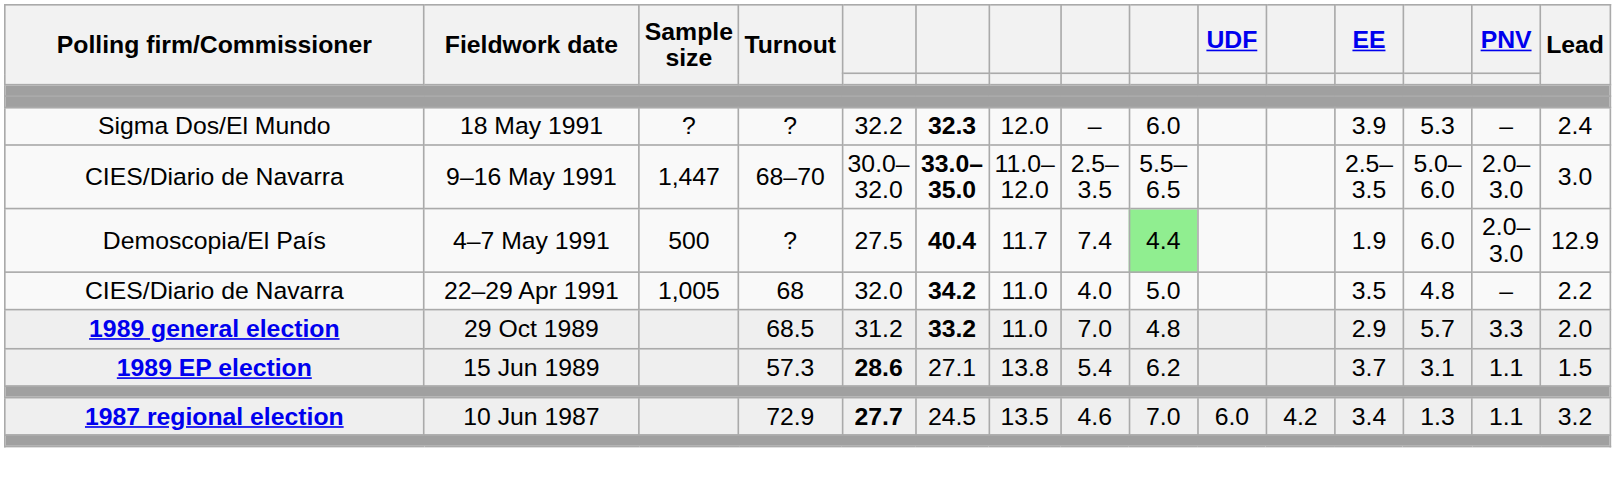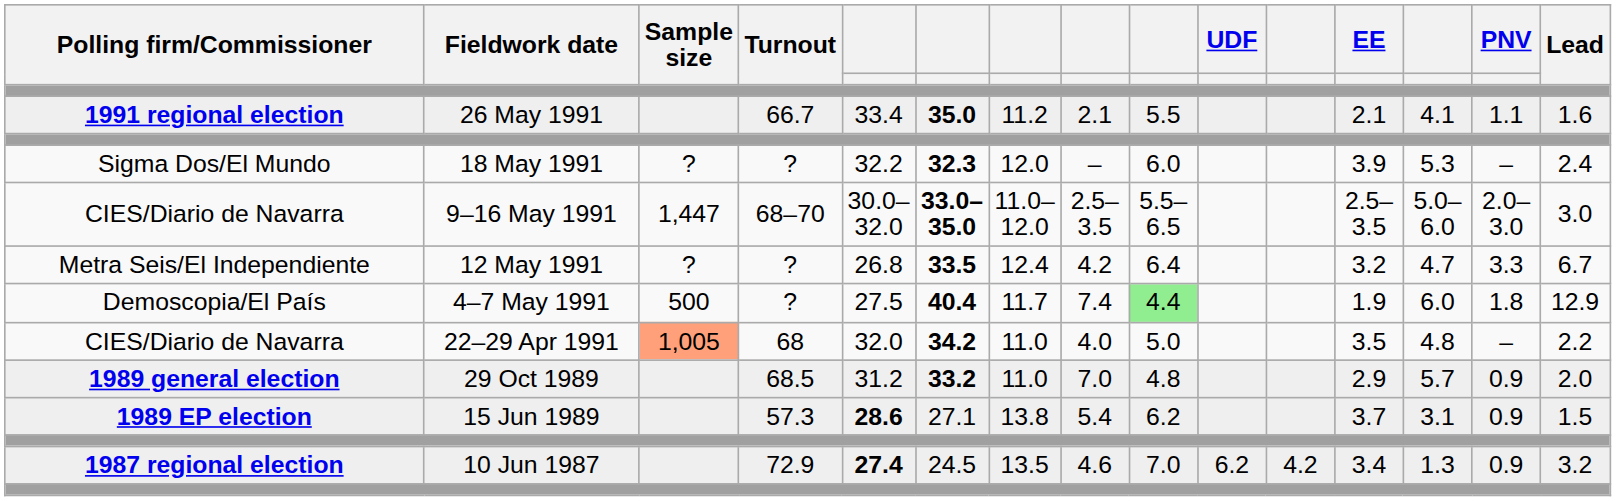 <table class="wikitable collapsible collapsed" style="text-align:center; font-size:95%; line-height:16px;">
 <tr style="height:42px;">
 <th style="width:250px;" rowspan="2">Polling firm/Commissioner</th>
 <th style="width:125px;" rowspan="2">Fieldwork date</th>
 <th style="width:50px;" rowspan="2">Sample size</th>
 <th style="width:45px;" rowspan="2">Turnout</th>
 <th style="width:35px;"></th>
 <th style="width:35px;"></th>
 <th style="width:35px;"></th>
 <th style="width:35px;"></th>
 <th style="width:35px;"></th>
 <th style="width:35px;"><a href='#'>UDF</a></th>
 <th style="width:35px;"></th>
 <th style="width:35px;"><a href='#'>EE</a></th>
 <th style="width:35px;"></th>
 <th style="width:35px;"><a href='#'>PNV</a></th>
 <th style="width:30px;" rowspan="2">Lead</th>
 </tr>
 <tr>
 <th style="color:inherit;background:"></th>
 <th style="color:inherit;background:"></th>
 <th style="color:inherit;background:"></th>
 <th style="color:inherit;background:"></th>
 <th style="color:inherit;background:"></th>
 <th style="color:inherit;background:"></th>
 <th style="color:inherit;background:"></th>
 <th style="color:inherit;background:"></th>
 <th style="color:inherit;background:"></th>
 <th style="color:inherit;background:"></th>
 </tr>
 <tr>
 <td colspan="15" style="background:#A0A0A0"></td>
+</tr>
+<tr style="background:#EFEFEF;">
+<td><strong><a href='#'>1991 regional election</a></strong></td>
+<td>26 May 1991</td>
+<td></td>
+<td>66.7</td>
+<td>33.4<br></td>
+<td><strong>35.0</strong><br></td>
+<td>11.2<br></td>
+<td>2.1<br></td>
+<td>5.5<br></td>
+<td></td>
+<td></td>
+<td>2.1<br></td>
+<td>4.1<br></td>
+<td>1.1<br></td>
+<td style="background:">1.6</td>
 </tr>
 <tr>
 <td colspan="15" style="background:#A0A0A0"></td>
 </tr>
 <tr>
 <td>Sigma Dos/El Mundo</td>
 <td>18 May 1991</td>
 <td>?</td>
 <td>?</td>
 <td>32.2<br></td>
 <td><strong>32.3</strong><br></td>
 <td>12.0<br></td>
 <td>–</td>
 <td>6.0<br></td>
 <td></td>
 <td></td>
 <td>3.9<br></td>
 <td>5.3<br></td>
 <td>–</td>
 <td style="background:">2.4</td>
 </tr>
 <tr>
 <td>CIES/Diario de Navarra</td>
 <td>9–16 May 1991</td>
 <td>1,447</td>
 <td>68–70</td>
 <td>30.0–<br>32.0<br></td>
 <td><strong>33.0–<br>35.0</strong><br></td>
 <td>11.0–<br>12.0<br></td>
 <td>2.5–<br>3.5<br></td>
 <td>5.5–<br>6.5<br></td>
 <td></td>
 <td></td>
 <td>2.5–<br>3.5<br></td>
 <td>5.0–<br>6.0<br></td>
 <td>2.0–<br>3.0<br></td>
 <td style="background:">3.0</td>
 </tr>
 <tr>
+<td>Metra Seis/El Independiente</td>
+<td>12 May 1991</td>
+<td>?</td>
+<td>?</td>
+<td>26.8<br></td>
+<td><strong>33.5</strong><br></td>
+<td>12.4<br></td>
+<td>4.2<br></td>
+<td>6.4<br></td>
+<td></td>
+<td></td>
+<td>3.2<br></td>
+<td>4.7<br></td>
+<td>3.3<br></td>
+<td style="background:">6.7</td>
+</tr>
+<tr>
 <td>Demoscopia/El País</td>
 <td>4–7 May 1991</td>
 <td>500</td>
 <td>?</td>
 <td>27.5<br></td>
 <td><strong>40.4</strong><br></td>
 <td>11.7<br></td>
 <td>7.4<br></td>
 <td style="background: lightgreen;">4.4<br></td>
 <td></td>
 <td></td>
 <td>1.9<br></td>
 <td>6.0<br></td>
-<td>2.0–<br>3.0<br></td>
+<td>1.8<br></td>
 <td style="background:">12.9</td>
 </tr>
 <tr>
 <td>CIES/Diario de Navarra</td>
 <td>22–29 Apr 1991</td>
-<td>1,005</td>
+<td style="background: lightsalmon;">1,005</td>
 <td>68</td>
 <td>32.0<br></td>
 <td><strong>34.2</strong><br></td>
 <td>11.0<br></td>
 <td>4.0<br></td>
 <td>5.0<br></td>
 <td></td>
 <td></td>
 <td>3.5<br></td>
 <td>4.8<br></td>
 <td>–</td>
 <td style="background:">2.2</td>
 </tr>
 <tr style="background:#EFEFEF;">
 <td><strong><a href='#'>1989 general election</a></strong></td>
 <td>29 Oct 1989</td>
 <td></td>
 <td>68.5</td>
 <td>31.2<br></td>
 <td><strong>33.2</strong><br></td>
 <td>11.0<br></td>
 <td>7.0<br></td>
 <td>4.8<br></td>
 <td></td>
 <td></td>
 <td>2.9<br></td>
 <td>5.7<br></td>
-<td>3.3<br></td>
+<td>0.9<br></td>
 <td style="background:">2.0</td>
 </tr>
 <tr style="background:#EFEFEF;">
 <td><strong><a href='#'>1989 EP election</a></strong></td>
 <td>15 Jun 1989</td>
 <td></td>
 <td>57.3</td>
 <td><strong>28.6</strong><br></td>
 <td>27.1<br></td>
 <td>13.8<br></td>
 <td>5.4<br></td>
 <td>6.2<br></td>
 <td></td>
 <td></td>
 <td>3.7<br></td>
 <td>3.1<br></td>
-<td>1.1<br></td>
+<td>0.9<br></td>
 <td style="background:">1.5</td>
 </tr>
 <tr>
 <td colspan="15" style="background:#A0A0A0"></td>
 </tr>
 <tr style="background:#EFEFEF;">
 <td><strong><a href='#'>1987 regional election</a></strong></td>
 <td>10 Jun 1987</td>
 <td></td>
 <td>72.9</td>
-<td><strong>27.7</strong><br></td>
+<td><strong>27.4</strong><br></td>
 <td>24.5<br></td>
 <td>13.5<br></td>
 <td>4.6<br></td>
 <td>7.0<br></td>
-<td>6.0<br></td>
+<td>6.2<br></td>
 <td>4.2<br></td>
 <td>3.4<br></td>
 <td>1.3<br></td>
-<td>1.1<br></td>
+<td>0.9<br></td>
 <td style="background:">3.2</td>
 </tr>
 <tr>
 <td colspan="15" style="background:#A0A0A0"></td>
 </tr>
 </table>
